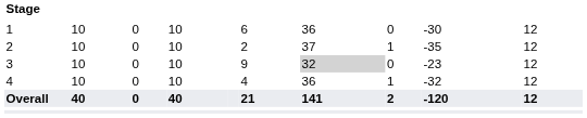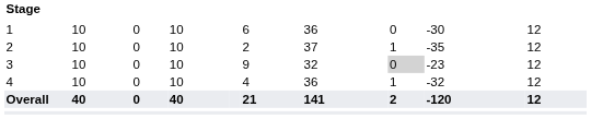 <table class="toccolours" border=0 cellpadding="2" cellspacing="0" style="font-size:95%; text-align:left; width:700px;">
 <tr align="left" style="background:#">
 <th style="width:75px">Stage</th>
 <th></th>
 <th></th>
 <th></th>
 <th></th>
 <th></th>
 <th></th>
 <th></th>
 <th></th>
 <th></th>
 </tr>
 <tr>
 <td colspan = "10"></td>
 </tr>
 <tr>
 <td>1</td>
 <td>10</td>
 <td>0</td>
 <td>10</td>
 <td></td>
 <td>6</td>
 <td>36</td>
 <td>0</td>
 <td>-30</td>
 <td>12</td>
 </tr>
 <tr>
 <td>2</td>
 <td>10</td>
 <td>0</td>
 <td>10</td>
 <td></td>
 <td>2</td>
 <td>37</td>
 <td>1</td>
 <td>-35</td>
 <td>12</td>
 </tr>
 <tr>
 <td>3</td>
 <td>10</td>
 <td>0</td>
 <td>10</td>
 <td></td>
 <td>9</td>
-<td style="background: lightgrey;">32</td>
-<td>0</td>
+<td>32</td>
+<td style="background: lightgrey;">0</td>
 <td>-23</td>
 <td>12</td>
 </tr>
 <tr>
 <td>4</td>
 <td>10</td>
 <td>0</td>
 <td>10</td>
 <td></td>
 <td>4</td>
 <td>36</td>
 <td>1</td>
 <td>-32</td>
 <td>12</td>
 </tr>
 <tr style="background:#EAECF0;">
 <th>Overall</th>
 <th>40</th>
 <th>0</th>
 <th>40</th>
 <th></th>
 <th>21</th>
 <th>141</th>
 <th>2</th>
 <th>-120</th>
 <th>12</th>
 </tr>
 <tr>
 <td colspan="10"></td>
 </tr>
 <tr style="background:#EAECF0;">
 <td colspan="10" style="text-align:center;"></td>
 </tr>
 </table>
